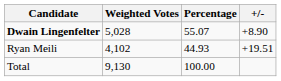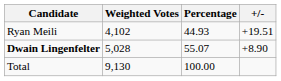 <table class="wikitable">
 <tr>
 <th>Candidate</th>
 <th>Weighted Votes</th>
 <th>Percentage</th>
 <th>+/-</th>
 </tr>
 <tr>
+<td>Ryan Meili</td>
+<td>4,102</td>
+<td>44.93</td>
+<td>+19.51</td>
+</tr>
+<tr>
 <td><strong>Dwain Lingenfelter</strong></td>
 <td>5,028</td>
 <td>55.07</td>
 <td>+8.90</td>
-</tr>
-<tr>
-<td>Ryan Meili</td>
-<td>4,102</td>
-<td>44.93</td>
-<td>+19.51</td>
 </tr>
 <tr>
 <td>Total</td>
 <td>9,130</td>
 <td>100.00</td>
 </tr>
 </table>
